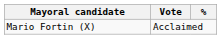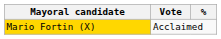 <table class="wikitable">
 <tr>
 <th bgcolor="#DDDDFF" width="200px">Mayoral candidate</th>
 <th bgcolor="#DDDDFF" width="50px">Vote</th>
 <th bgcolor="#DDDDFF"  width="30px">%</th>
 </tr>
 <tr>
-<td>Mario Fortin (X)</td>
+<td style="background: gold;">Mario Fortin (X)</td>
 <td colspan="2">Acclaimed</td>
 </tr>
 </table>
